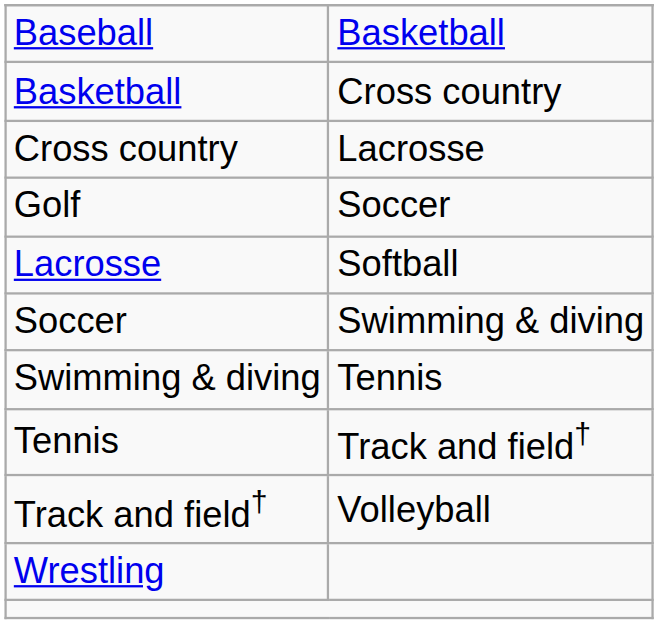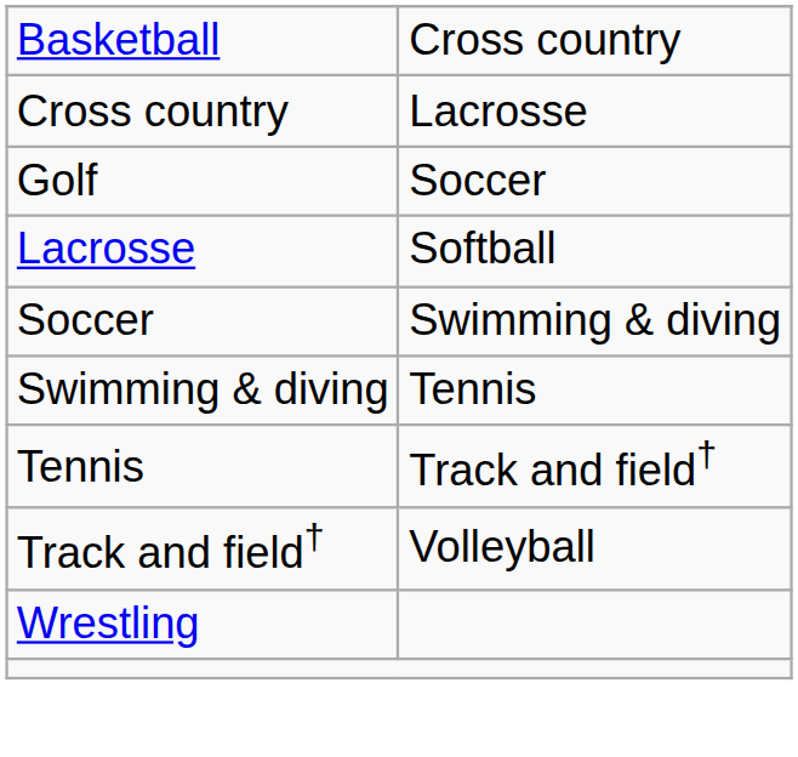 <table class="wikitable" style="float:right; clear:right; margin:0 0 1em 1em;">
 <tr>
-</tr>
-<tr>
-<td><a href='#'>Baseball</a></td>
-<td><a href='#'>Basketball</a></td>
 </tr>
 <tr>
 <td><a href='#'>Basketball</a></td>
 <td>Cross country</td>
 </tr>
 <tr>
 <td>Cross country</td>
 <td>Lacrosse</td>
 </tr>
 <tr>
 <td>Golf</td>
 <td>Soccer</td>
 </tr>
 <tr>
 <td><a href='#'>Lacrosse</a></td>
 <td>Softball</td>
 </tr>
 <tr>
 <td>Soccer</td>
 <td>Swimming & diving</td>
 </tr>
 <tr>
 <td>Swimming & diving</td>
 <td>Tennis</td>
 </tr>
 <tr>
 <td>Tennis</td>
 <td>Track and field<sup>†</sup></td>
 </tr>
 <tr>
 <td>Track and field<sup>†</sup></td>
 <td>Volleyball</td>
 </tr>
 <tr>
 <td><a href='#'>Wrestling</a></td>
 <td></td>
 </tr>
 <tr>
 <td colspan="2"></td>
 </tr>
 </table>
